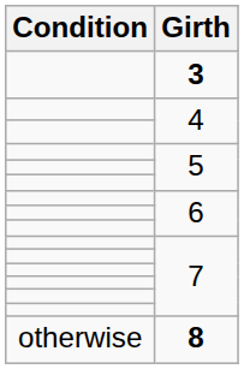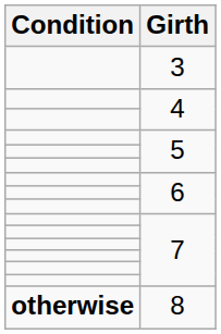 <table class=wikitable style="text-align: center">
 <tr>
 <th>Condition</th>
 <th>Girth</th>
 </tr>
 <tr>
 <td></td>
-<td><strong>3</strong></td>
+<td>3</td>
 </tr>
 <tr>
 <td></td>
 <td rowspan=2>4</td>
 </tr>
 <tr>
 <td></td>
 </tr>
 <tr>
 <td></td>
 <td rowspan=3>5</td>
 </tr>
 <tr>
 <td></td>
 </tr>
 <tr>
 <td></td>
 </tr>
 <tr>
 <td></td>
 <td rowspan=3>6</td>
 </tr>
 <tr>
 <td></td>
 </tr>
 <tr>
 <td></td>
 </tr>
 <tr>
 <td></td>
 <td rowspan=6>7</td>
 </tr>
 <tr>
 <td></td>
 </tr>
 <tr>
 <td></td>
 </tr>
 <tr>
 <td></td>
 </tr>
 <tr>
 <td></td>
 </tr>
 <tr>
 <td></td>
 </tr>
 <tr>
-<td>otherwise</td>
-<td><strong>8</strong></td>
+<td><strong>otherwise</strong></td>
+<td>8</td>
 </tr>
 </table>
